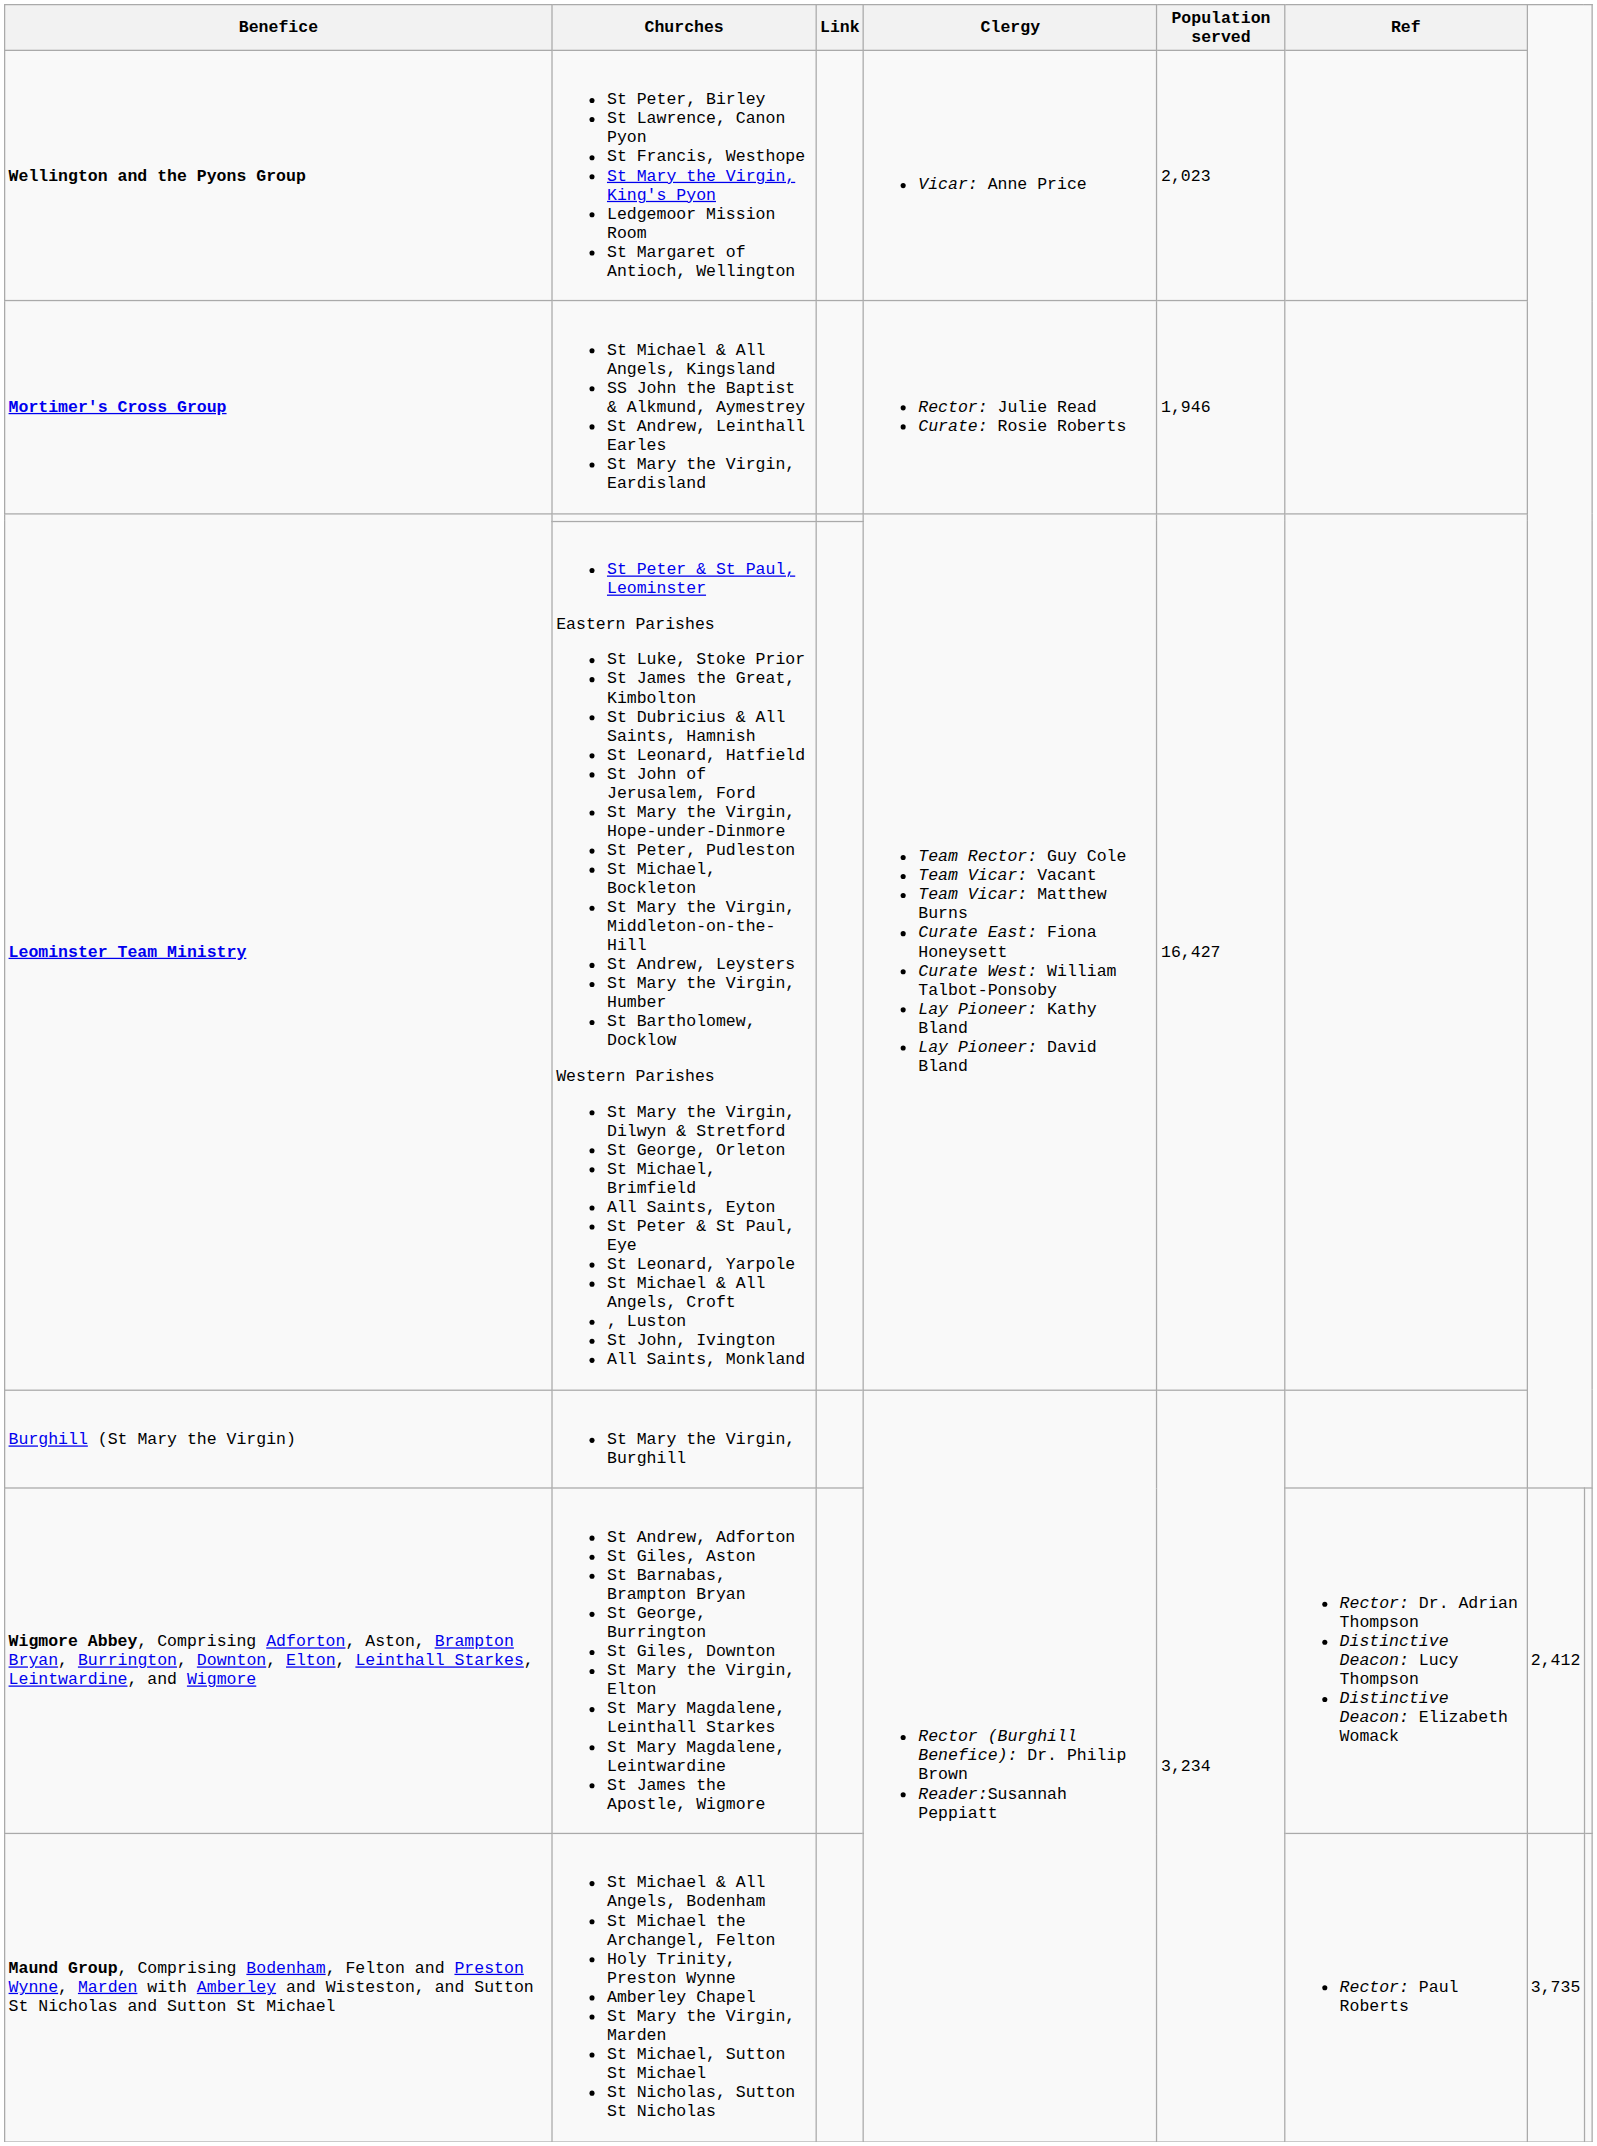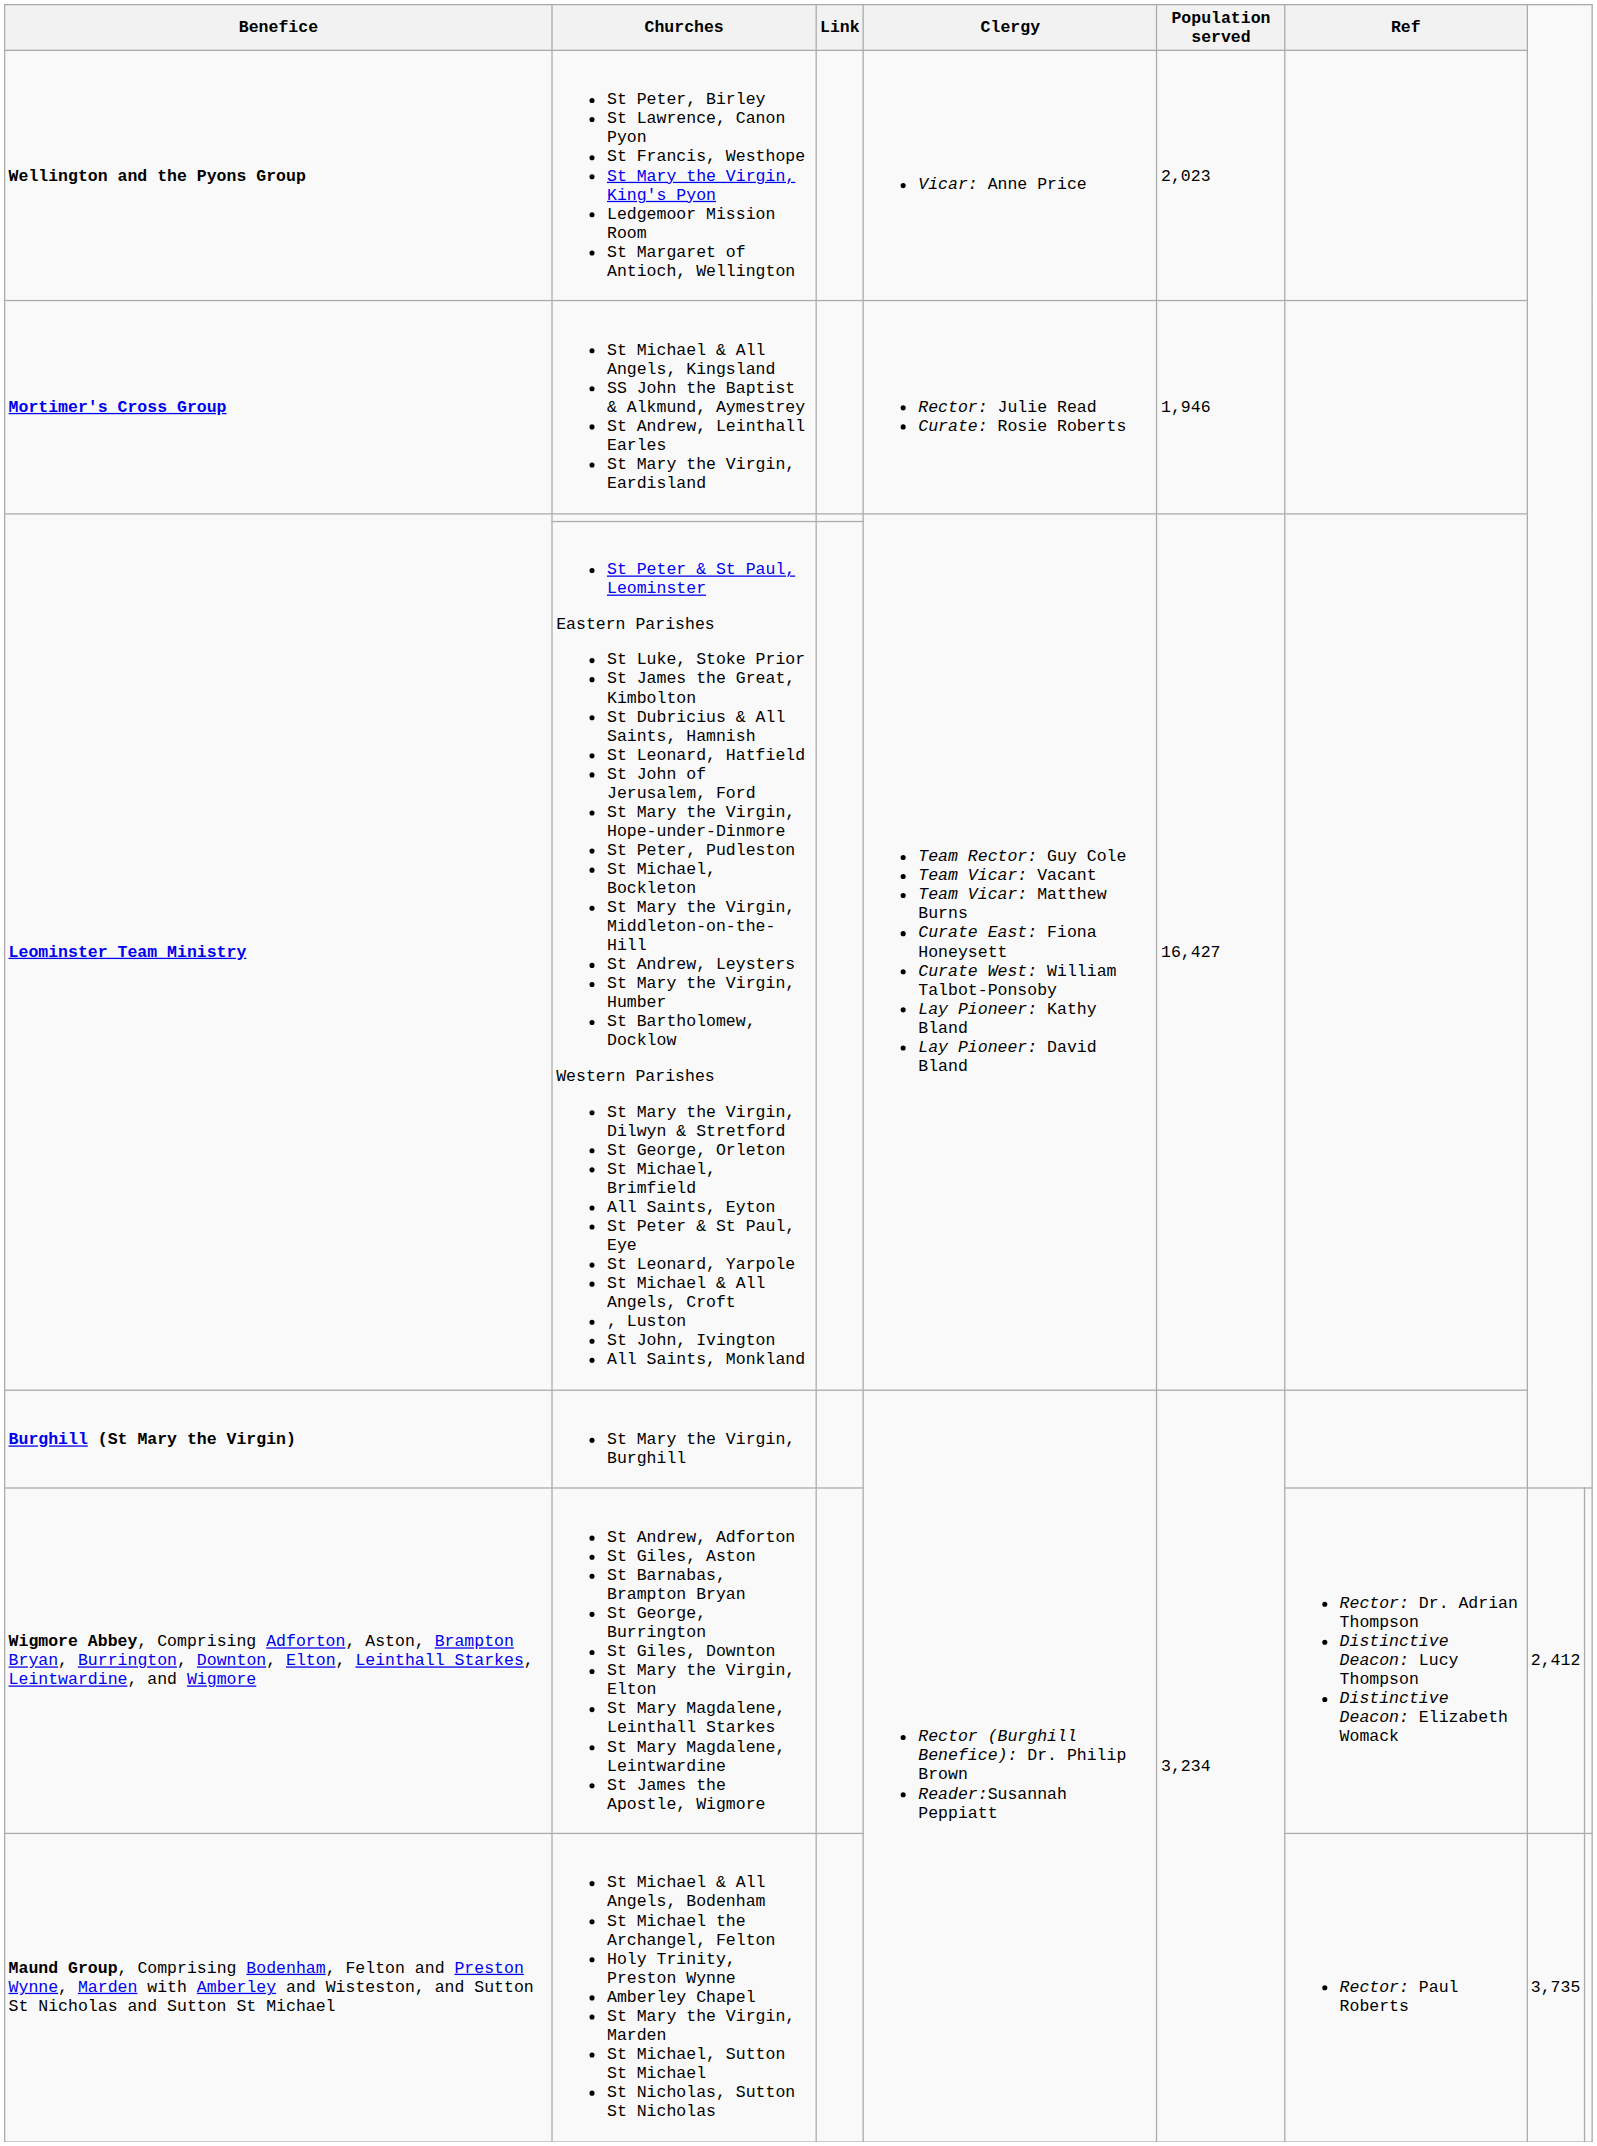 <table class="wikitable">
 <tr>
 <th width="425">Benefice</th>
 <th>Churches</th>
 <th>Link</th>
 <th>Clergy</th>
 <th>Population served</th>
 <th>Ref</th>
 </tr>
 <tr>
 <td><strong>Wellington and the Pyons Group</strong></td>
 <td><br><ul><li>St Peter, Birley</li><li>St Lawrence, Canon Pyon</li><li>St Francis, Westhope</li><li><a href='#'>St Mary the Virgin, King's Pyon</a></li><li>Ledgemoor Mission Room</li><li>St Margaret of Antioch, Wellington</li></ul></td>
 <td></td>
 <td><br><ul><li><em>Vicar:</em> Anne Price</li></ul></td>
 <td>2,023</td>
 <td></td>
 </tr>
 <tr>
 <td><strong><a href='#'>Mortimer's Cross Group</a></strong></td>
 <td><br><ul><li>St Michael & All Angels, Kingsland</li><li>SS John the Baptist & Alkmund, Aymestrey</li><li>St Andrew, Leinthall Earles</li><li>St Mary the Virgin, Eardisland</li></ul></td>
 <td></td>
 <td><br><ul><li><em>Rector:</em> Julie Read</li><li><em>Curate:</em> Rosie Roberts</li></ul></td>
 <td>1,946</td>
 <td></td>
 </tr>
 <tr>
 <td rowspan="2"><strong><a href='#'>Leominster Team Ministry</a></strong></td>
 <td></td>
 <td></td>
 <td rowspan="2"><br><ul><li><em>Team Rector:</em> Guy Cole</li><li><em>Team Vicar:</em> Vacant</li><li><em>Team Vicar:</em> Matthew Burns</li><li><em>Curate East:</em> Fiona Honeysett</li><li><em>Curate West:</em> William Talbot-Ponsoby</li><li><em>Lay Pioneer:</em> Kathy Bland</li><li><em>Lay Pioneer:</em> David Bland</li></ul></td>
 <td rowspan="2">16,427</td>
 <td rowspan="2"></td>
 </tr>
 <tr>
 <td><br><ul><li><a href='#'>St Peter & St Paul, Leominster</a></li></ul>Eastern Parishes<ul><li>St Luke, Stoke Prior</li><li>St James the Great, Kimbolton</li><li>St Dubricius & All Saints, Hamnish</li><li>St Leonard, Hatfield</li><li>St John of Jerusalem, Ford</li><li>St Mary the Virgin, Hope-under-Dinmore</li><li>St Peter, Pudleston</li><li>St Michael, Bockleton</li><li>St Mary the Virgin, Middleton-on-the-Hill</li><li>St Andrew, Leysters</li><li>St Mary the Virgin, Humber</li><li>St Bartholomew, Docklow</li></ul>Western Parishes<ul><li>St Mary the Virgin, Dilwyn & Stretford</li><li>St George, Orleton</li><li>St Michael, Brimfield</li><li>All Saints, Eyton</li><li>St Peter & St Paul, Eye</li><li>St Leonard, Yarpole</li><li>St Michael & All Angels, Croft</li><li>, Luston</li><li>St John, Ivington</li><li>All Saints, Monkland</li></ul></td>
 <td></td>
 </tr>
 <tr>
-<td><a href='#'>Burghill</a> (St Mary the Virgin)</td>
+<td><strong><a href='#'>Burghill</a> (St Mary the Virgin)</strong></td>
 <td><br><ul><li>St Mary the Virgin, Burghill</li></ul></td>
 <td></td>
 <td rowspan="3"><br><ul><li><em>Rector (Burghill Benefice):</em> Dr. Philip Brown</li><li><em>Reader:</em>Susannah Peppiatt</li></ul></td>
 <td rowspan="3">3,234</td>
 <td></td>
 </tr>
 <tr>
 <td><strong>Wigmore Abbey</strong>, Comprising <a href='#'>Adforton</a>, Aston, <a href='#'>Brampton Bryan</a>, <a href='#'>Burrington</a>, <a href='#'>Downton</a>, <a href='#'>Elton</a>, <a href='#'>Leinthall Starkes</a>, <a href='#'>Leintwardine</a>, and <a href='#'>Wigmore</a></td>
 <td><br><ul><li>St Andrew, Adforton</li><li>St Giles, Aston</li><li>St Barnabas, Brampton Bryan</li><li>St George, Burrington</li><li>St Giles, Downton</li><li>St Mary the Virgin, Elton</li><li>St Mary Magdalene, Leinthall Starkes</li><li>St Mary Magdalene, Leintwardine</li><li>St James the Apostle, Wigmore</li></ul></td>
 <td></td>
 <td><br><ul><li><em>Rector:</em> Dr. Adrian Thompson</li><li><em>Distinctive Deacon:</em> Lucy Thompson</li><li><em>Distinctive Deacon:</em> Elizabeth Womack</li></ul></td>
 <td>2,412</td>
 <td></td>
 </tr>
 <tr>
 <td><strong>Maund Group</strong>, Comprising <a href='#'>Bodenham</a>, Felton and <a href='#'>Preston Wynne</a>, <a href='#'>Marden</a> with <a href='#'>Amberley</a> and Wisteston, and Sutton St Nicholas and Sutton St Michael</td>
 <td><br><ul><li>St Michael & All Angels, Bodenham</li><li>St Michael the Archangel, Felton</li><li>Holy Trinity, Preston Wynne</li><li>Amberley Chapel</li><li>St Mary the Virgin, Marden</li><li>St Michael, Sutton St Michael</li><li>St Nicholas, Sutton St Nicholas</li></ul></td>
 <td></td>
 <td><br><ul><li><em>Rector:</em> Paul Roberts</li></ul></td>
 <td>3,735</td>
 <td></td>
 </tr>
 </table>
